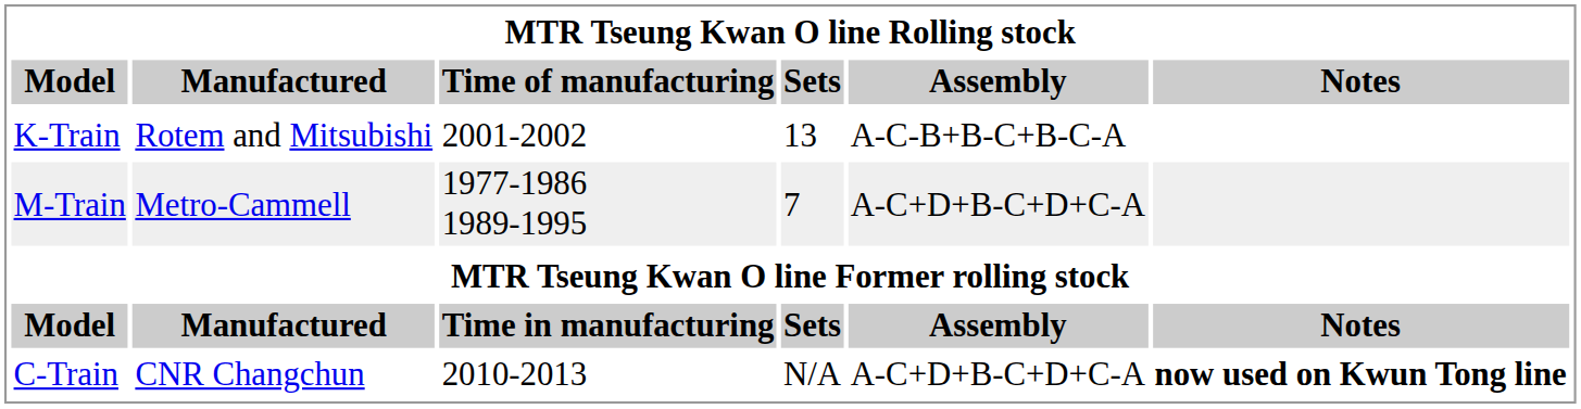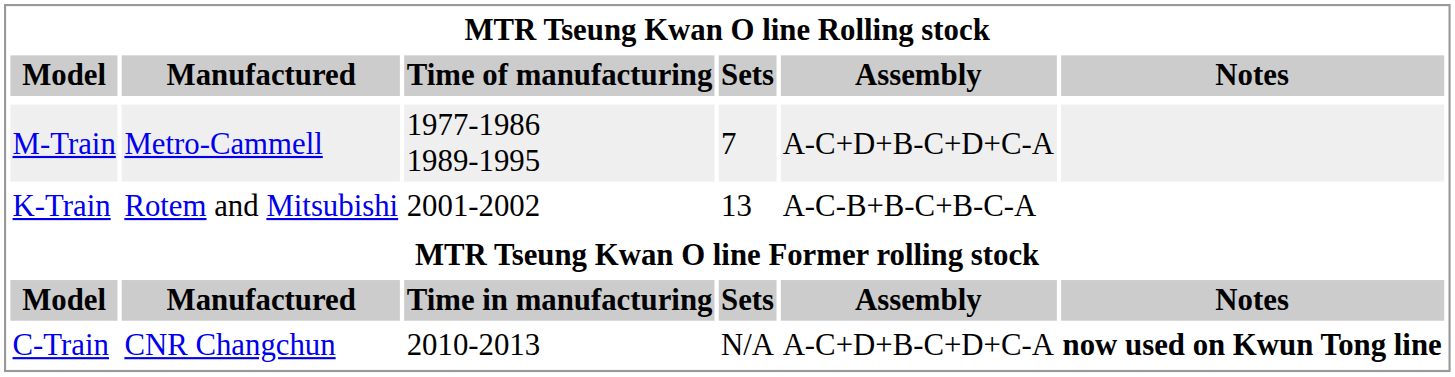 <table border=0 style="border:1px solid #999;background-color:white;text-align:left;font-size:90%">
 <tr align=center>
 <th colspan="6">MTR Tseung Kwan O line Rolling stock</th>
 </tr>
 <tr align=center bgcolor=#cccccc>
 <th>Model</th>
 <th>Manufactured</th>
 <th>Time of manufacturing</th>
 <th>Sets</th>
 <th>Assembly</th>
 <th>Notes</th>
 </tr>
 <tr>
 </tr>
+<tr bgcolor=#EFEFEF>
+<td><a href='#'>M-Train</a></td>
+<td><a href='#'>Metro-Cammell</a></td>
+<td>1977-1986<br>1989-1995</td>
+<td>7</td>
+<td>A-C+D+B-C+D+C-A</td>
+<td></td>
+</tr>
 <tr>
 <td><a href='#'>K-Train</a></td>
 <td><a href='#'>Rotem</a> and <a href='#'>Mitsubishi</a></td>
 <td>2001-2002</td>
 <td>13</td>
 <td>A-C-B+B-C+B-C-A</td>
-<td></td>
-</tr>
-<tr bgcolor=#EFEFEF>
-<td><a href='#'>M-Train</a></td>
-<td><a href='#'>Metro-Cammell</a></td>
-<td>1977-1986<br>1989-1995</td>
-<td>7</td>
-<td>A-C+D+B-C+D+C-A</td>
 <td></td>
 </tr>
 <tr>
 </tr>
 <tr align=center>
 <th colspan="6">MTR Tseung Kwan O line Former rolling stock</th>
 </tr>
 <tr align=center bgcolor=#cccccc>
 <th>Model</th>
 <th>Manufactured</th>
 <th>Time in manufacturing</th>
 <th>Sets</th>
 <th>Assembly</th>
 <th>Notes</th>
 </tr>
 <tr>
 <td><a href='#'>C-Train</a></td>
 <td><a href='#'>CNR Changchun</a></td>
 <td>2010-2013</td>
 <td>N/A</td>
 <td>A-C+D+B-C+D+C-A</td>
 <td><strong>now used on Kwun Tong line</strong></td>
 </tr>
 </table>
